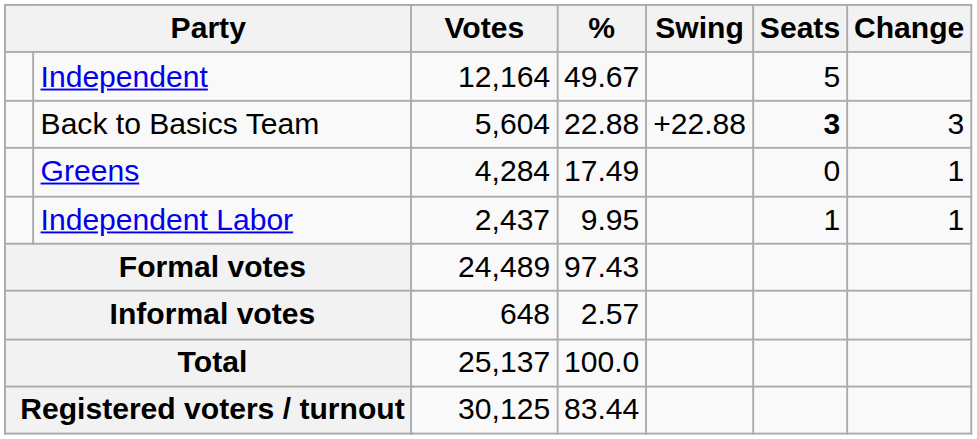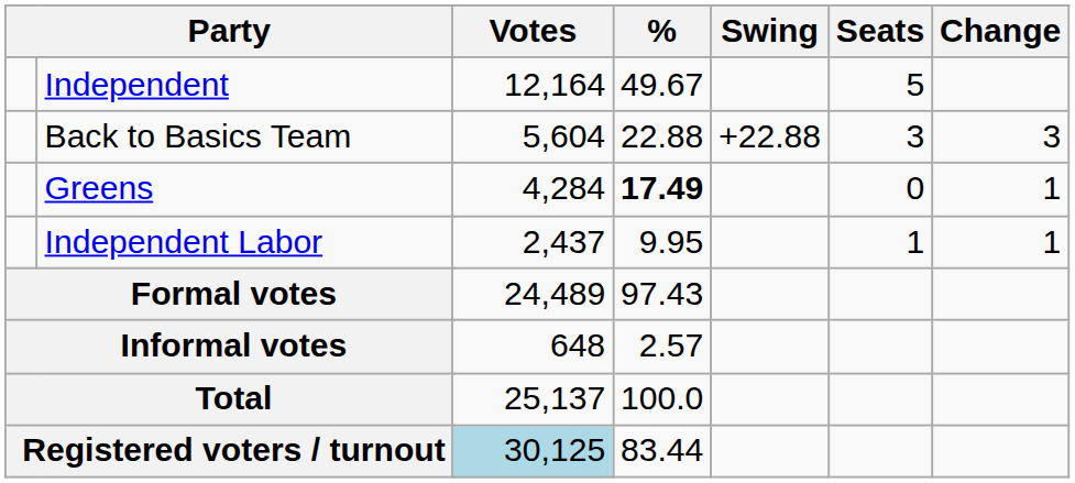 <table class="wikitable" style="text-align:right; margin-bottom:0">
 <tr>
 <th style="width:10px" colspan=3>Party</th>
 <th style="width:70px;">Votes</th>
 <th style="width:40px;">%</th>
 <th style="width:40px;">Swing</th>
 <th style="width:40px;">Seats</th>
 <th style="width:40px;">Change</th>
 </tr>
 <tr>
 <td> </td>
 <td style="text-align:left;" colspan="2"><a href='#'>Independent</a></td>
 <td>12,164</td>
 <td>49.67</td>
 <td></td>
 <td>5</td>
 <td></td>
 </tr>
 <tr>
 <td> </td>
 <td style="text-align:left;" colspan="2">Back to Basics Team</td>
 <td>5,604</td>
 <td>22.88</td>
 <td>+22.88</td>
-<td><strong>3</strong></td>
+<td>3</td>
 <td> 3</td>
 </tr>
 <tr>
 <td> </td>
 <td style="text-align:left;" colspan="2"><a href='#'>Greens</a></td>
 <td>4,284</td>
-<td>17.49</td>
+<td><strong>17.49</strong></td>
 <td></td>
 <td>0</td>
 <td> 1</td>
 </tr>
 <tr>
 <td> </td>
 <td style="text-align:left;" colspan="2"><a href='#'>Independent Labor</a></td>
 <td>2,437</td>
 <td>9.95</td>
 <td></td>
 <td>1</td>
 <td> 1</td>
 </tr>
 <tr>
 <th colspan="3" rowspan="1"> Formal votes</th>
 <td>24,489</td>
 <td>97.43</td>
 <td></td>
 <td></td>
 <td></td>
 </tr>
 <tr>
 <th colspan="3" rowspan="1"> Informal votes</th>
 <td>648</td>
 <td>2.57</td>
 <td></td>
 <td></td>
 <td></td>
 </tr>
 <tr>
 <th colspan="3" rowspan="1"> Total</th>
 <td>25,137</td>
 <td>100.0</td>
 <td></td>
 <td></td>
 <td></td>
 </tr>
 <tr>
 <th colspan="3" rowspan="1"> Registered voters / turnout</th>
-<td>30,125</td>
+<td style="background: lightblue;">30,125</td>
 <td>83.44</td>
 <td></td>
 <td></td>
 <td></td>
 </tr>
 </table>
